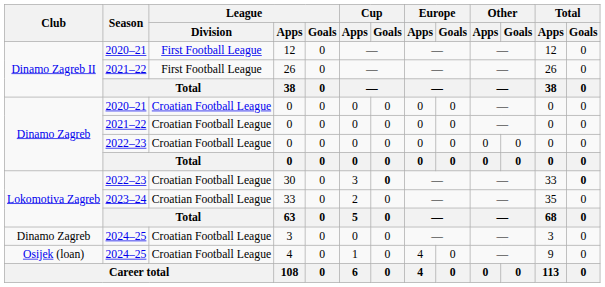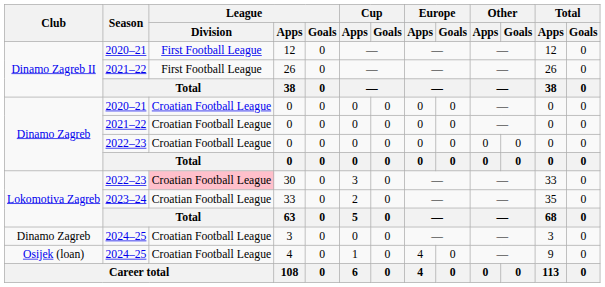 <table class="wikitable" style="text-align:center">
 <tr>
 <th rowspan="2">Club</th>
 <th rowspan="2">Season</th>
 <th colspan="3">League</th>
 <th colspan="2">Cup</th>
 <th colspan="2">Europe</th>
 <th colspan="2">Other</th>
 <th colspan="2">Total</th>
 </tr>
 <tr>
 <th>Division</th>
 <th>Apps</th>
 <th>Goals</th>
 <th>Apps</th>
 <th>Goals</th>
 <th>Apps</th>
 <th>Goals</th>
 <th>Apps</th>
 <th>Goals</th>
 <th>Apps</th>
 <th>Goals</th>
 </tr>
 <tr>
 <td rowspan="3"><a href='#'>Dinamo Zagreb II</a></td>
 <td><a href='#'>2020–21</a></td>
 <td><a href='#'>First Football League</a></td>
 <td>12</td>
 <td>0</td>
 <td colspan="2">—</td>
 <td colspan="2">—</td>
 <td colspan="2">—</td>
 <td>12</td>
 <td>0</td>
 </tr>
 <tr>
 <td><a href='#'>2021–22</a></td>
 <td>First Football League</td>
 <td>26</td>
 <td>0</td>
 <td colspan="2">—</td>
 <td colspan="2">—</td>
 <td colspan="2">—</td>
 <td>26</td>
 <td>0</td>
 </tr>
 <tr>
 <th colspan="2">Total</th>
 <th>38</th>
 <th>0</th>
 <th colspan="2">—</th>
 <th colspan="2">—</th>
 <th colspan="2">—</th>
 <th>38</th>
 <th>0</th>
 </tr>
 <tr>
 <td rowspan="4"><a href='#'>Dinamo Zagreb</a></td>
 <td><a href='#'>2020–21</a></td>
 <td><a href='#'>Croatian Football League</a></td>
 <td>0</td>
 <td>0</td>
 <td>0</td>
 <td>0</td>
 <td>0</td>
 <td>0</td>
 <td colspan="2">—</td>
 <td>0</td>
 <td>0</td>
 </tr>
 <tr>
 <td><a href='#'>2021–22</a></td>
 <td>Croatian Football League</td>
 <td>0</td>
 <td>0</td>
 <td>0</td>
 <td>0</td>
 <td>0</td>
 <td>0</td>
 <td colspan="2">—</td>
 <td>0</td>
 <td>0</td>
 </tr>
 <tr>
 <td><a href='#'>2022–23</a></td>
 <td>Croatian Football League</td>
 <td>0</td>
 <td>0</td>
 <td>0</td>
 <td>0</td>
 <td>0</td>
 <td>0</td>
 <td>0</td>
 <td>0</td>
 <td>0</td>
 <td>0</td>
 </tr>
 <tr>
 <th colspan="2">Total</th>
 <th>0</th>
 <th>0</th>
 <th>0</th>
 <th>0</th>
 <th>0</th>
 <th>0</th>
 <th>0</th>
 <th>0</th>
 <th>0</th>
 <th>0</th>
 </tr>
 <tr>
 <td rowspan="3"><a href='#'>Lokomotiva Zagreb</a></td>
 <td><a href='#'>2022–23</a></td>
-<td>Croatian Football League</td>
+<td style="background: pink;">Croatian Football League</td>
 <td>30</td>
 <td>0</td>
 <td>3</td>
-<td><strong>0</strong></td>
+<td>0</td>
 <td colspan="2">—</td>
 <td colspan="2">—</td>
 <td>33</td>
-<td><strong>0</strong></td>
+<td>0</td>
 </tr>
 <tr>
 <td><a href='#'>2023–24</a></td>
 <td>Croatian Football League</td>
 <td>33</td>
 <td>0</td>
 <td>2</td>
 <td>0</td>
 <td colspan="2">—</td>
 <td colspan="2">—</td>
 <td>35</td>
 <td>0</td>
 </tr>
 <tr>
 <th colspan="2">Total</th>
 <th>63</th>
 <th>0</th>
 <th>5</th>
 <th>0</th>
 <th colspan="2">—</th>
 <th colspan="2">—</th>
 <th>68</th>
 <th>0</th>
 </tr>
 <tr>
 <td>Dinamo Zagreb</td>
 <td><a href='#'>2024–25</a></td>
 <td>Croatian Football League</td>
 <td>3</td>
 <td>0</td>
 <td>0</td>
 <td>0</td>
 <td colspan="2">—</td>
 <td colspan="2">—</td>
 <td>3</td>
 <td>0</td>
 </tr>
 <tr>
 <td><a href='#'>Osijek</a> (loan)</td>
 <td><a href='#'>2024–25</a></td>
 <td>Croatian Football League</td>
 <td>4</td>
 <td>0</td>
 <td>1</td>
 <td>0</td>
 <td>4</td>
 <td>0</td>
 <td colspan="2">—</td>
 <td>9</td>
 <td>0</td>
 </tr>
 <tr>
 <th colspan="3">Career total</th>
 <th>108</th>
 <th>0</th>
 <th>6</th>
 <th>0</th>
 <th>4</th>
 <th>0</th>
 <th>0</th>
 <th>0</th>
 <th>113</th>
 <th>0</th>
 </tr>
 </table>
